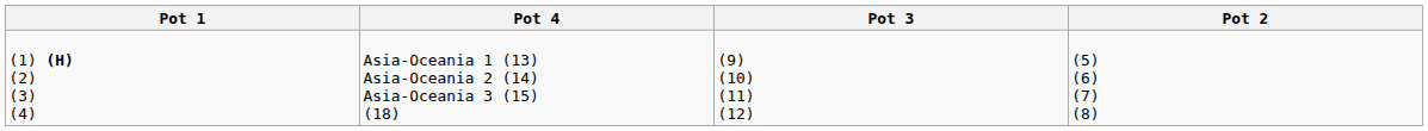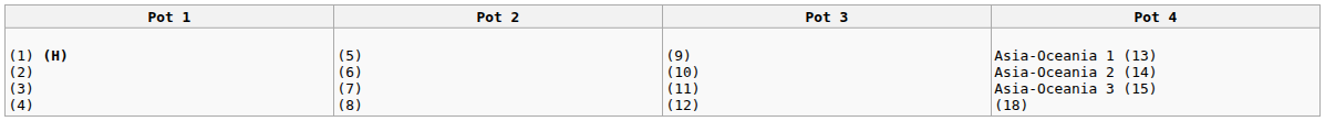 <table class="wikitable" style="width:95%">
 <tr>
 <th width=25%>Pot 1</th>
+<th width=25%>Pot 2</th>
+<th width=25%>Pot 3</th>
 <th width=25%>Pot 4</th>
-<th width=25%>Pot 3</th>
-<th width=25%>Pot 2</th>
 </tr>
 <tr>
 <td><br> (1) <strong>(H)</strong> <br>  (2) <br>  (3) <br>  (4) <br></td>
+<td><br> (5) <br>  (6) <br>  (7) <br>  (8) <br></td>
+<td><br> (9) <br>  (10) <br>  (11) <br>  (12) <br></td>
 <td><br>Asia-Oceania 1 (13) <br> Asia-Oceania 2 (14) <br> Asia-Oceania 3 (15) <br>  (18) <br></td>
-<td><br> (9) <br>  (10) <br>  (11) <br>  (12) <br></td>
-<td><br> (5) <br>  (6) <br>  (7) <br>  (8) <br></td>
 </tr>
 </table>
